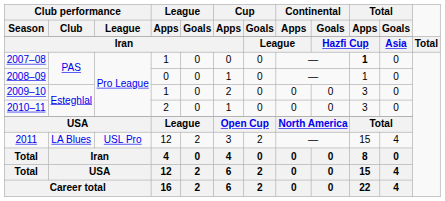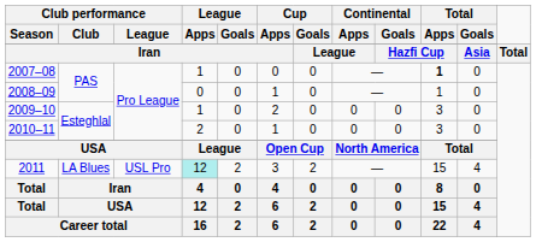 <table class="wikitable" style="text-align:center">
 <tr>
 <th colspan=3>Club performance</th>
 <th colspan=2>League</th>
 <th colspan=2>Cup</th>
 <th colspan=2>Continental</th>
 <th colspan=2>Total</th>
 </tr>
 <tr>
 <th>Season</th>
 <th>Club</th>
 <th>League</th>
 <th>Apps</th>
 <th>Goals</th>
 <th>Apps</th>
 <th>Goals</th>
 <th>Apps</th>
 <th>Goals</th>
 <th>Apps</th>
 <th>Goals</th>
 </tr>
 <tr>
 </tr>
 <tr>
 <th colspan=6>Iran</th>
 <th colspan=2>League</th>
 <th colspan=2><a href='#'>Hazfi Cup</a></th>
 <th colspan=2><a href='#'>Asia</a></th>
 <th colspan=2>Total</th>
 </tr>
 <tr>
 <td><a href='#'>2007–08</a></td>
 <td rowspan="2"><a href='#'>PAS</a></td>
 <td rowspan="4"><a href='#'>Pro League</a></td>
 <td>1</td>
 <td>0</td>
 <td>0</td>
 <td>0</td>
 <td colspan="2">—</td>
 <td><strong>1</strong></td>
 <td>0</td>
 </tr>
 <tr>
 <td><a href='#'>2008–09</a></td>
 <td>0</td>
 <td>0</td>
 <td>1</td>
 <td>0</td>
 <td colspan="2">—</td>
 <td>1</td>
 <td>0</td>
 </tr>
 <tr>
 <td><a href='#'>2009–10</a></td>
 <td rowspan="2"><a href='#'>Esteghlal</a></td>
 <td>1</td>
 <td>0</td>
 <td>2</td>
 <td>0</td>
 <td>0</td>
 <td>0</td>
 <td>3</td>
 <td>0</td>
 </tr>
 <tr>
 <td><a href='#'>2010–11</a></td>
 <td>2</td>
 <td>0</td>
 <td>1</td>
 <td>0</td>
 <td>0</td>
 <td>0</td>
 <td>3</td>
 <td>0</td>
 </tr>
 <tr>
 </tr>
 <tr>
 <th colspan=3>USA</th>
 <th colspan=2>League</th>
 <th colspan=2><a href='#'>Open Cup</a></th>
 <th colspan=2><a href='#'>North America</a></th>
 <th colspan=2>Total</th>
 </tr>
 <tr>
 <td><a href='#'>2011</a></td>
 <td rowspan="1"><a href='#'>LA Blues</a></td>
 <td rowspan="1"><a href='#'>USL Pro</a></td>
-<td>12</td>
+<td style="background: paleturquoise;">12</td>
 <td>2</td>
 <td>3</td>
 <td>2</td>
 <td colspan="2">—</td>
 <td>15</td>
 <td>4</td>
 </tr>
 <tr>
 <th rowspan=1>Total</th>
 <th colspan=2>Iran</th>
 <th>4</th>
 <th>0</th>
 <th>4</th>
 <th>0</th>
 <th>0</th>
 <th>0</th>
 <th>8</th>
 <th>0</th>
 </tr>
 <tr>
 <th rowspan=1>Total</th>
 <th colspan=2>USA</th>
 <th>12</th>
 <th>2</th>
 <th>6</th>
 <th>2</th>
 <th>0</th>
 <th>0</th>
 <th>15</th>
 <th>4</th>
 </tr>
 <tr>
 <th colspan=3>Career total</th>
 <th>16</th>
 <th>2</th>
 <th>6</th>
 <th>2</th>
 <th>0</th>
 <th>0</th>
 <th>22</th>
 <th>4</th>
 </tr>
 </table>
